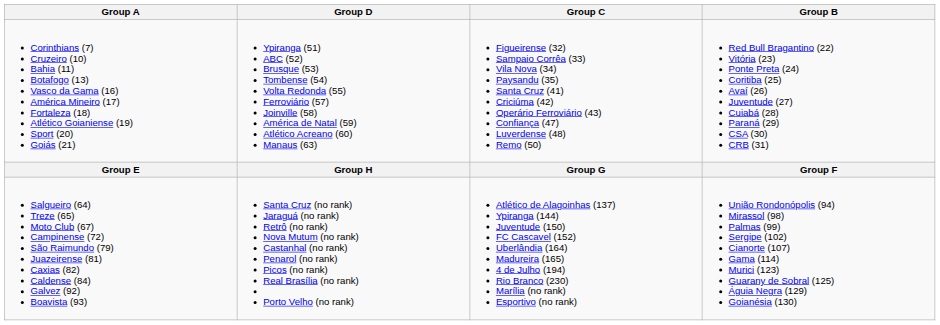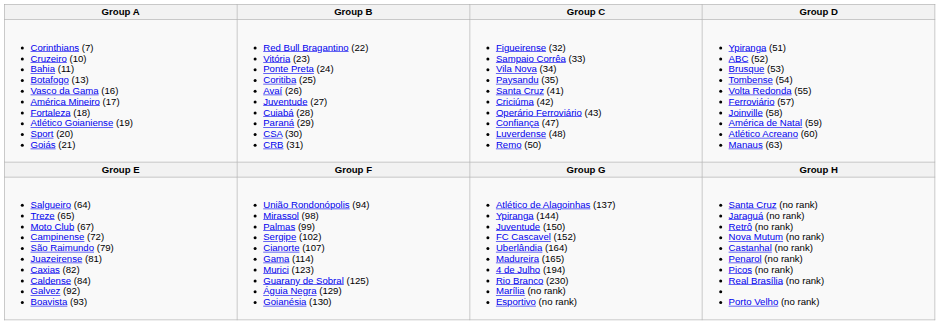 <table class="wikitable" width=98%>
 <tr>
 <th width=25%>Group A</th>
+<th width=25%>Group B</th>
+<th width=25%>Group C</th>
 <th width=25%>Group D</th>
-<th width=25%>Group C</th>
-<th width=25%>Group B</th>
 </tr>
 <tr>
 <td><br><ul><li> <a href='#'>Corinthians</a> (7)</li><li> <a href='#'>Cruzeiro</a> (10)</li><li> <a href='#'>Bahia</a> (11)</li><li> <a href='#'>Botafogo</a> (13)</li><li> <a href='#'>Vasco da Gama</a> (16)</li><li> <a href='#'>América Mineiro</a> (17)</li><li> <a href='#'>Fortaleza</a> (18)</li><li> <a href='#'>Atlético Goianiense</a> (19)</li><li> <a href='#'>Sport</a> (20)</li><li> <a href='#'>Goiás</a> (21)</li></ul></td>
+<td><br><ul><li> <a href='#'>Red Bull Bragantino</a> (22)</li><li> <a href='#'>Vitória</a> (23)</li><li> <a href='#'>Ponte Preta</a> (24)</li><li> <a href='#'>Coritiba</a> (25)</li><li> <a href='#'>Avaí</a> (26)</li><li> <a href='#'>Juventude</a> (27)</li><li> <a href='#'>Cuiabá</a> (28)</li><li> <a href='#'>Paraná</a> (29)</li><li> <a href='#'>CSA</a> (30)</li><li> <a href='#'>CRB</a> (31)</li></ul></td>
+<td><br><ul><li> <a href='#'>Figueirense</a> (32)</li><li> <a href='#'>Sampaio Corrêa</a> (33)</li><li> <a href='#'>Vila Nova</a> (34)</li><li> <a href='#'>Paysandu</a> (35)</li><li> <a href='#'>Santa Cruz</a> (41)</li><li> <a href='#'>Criciúma</a> (42)</li><li> <a href='#'>Operário Ferroviário</a> (43)</li><li> <a href='#'>Confiança</a> (47)</li><li> <a href='#'>Luverdense</a> (48)</li><li> <a href='#'>Remo</a> (50)</li></ul></td>
 <td><br><ul><li> <a href='#'>Ypiranga</a> (51)</li><li> <a href='#'>ABC</a> (52)</li><li> <a href='#'>Brusque</a> (53)</li><li> <a href='#'>Tombense</a> (54)</li><li> <a href='#'>Volta Redonda</a> (55)</li><li> <a href='#'>Ferroviário</a> (57)</li><li> <a href='#'>Joinville</a> (58)</li><li> <a href='#'>América de Natal</a> (59)</li><li> <a href='#'>Atlético Acreano</a> (60)</li><li> <a href='#'>Manaus</a> (63)</li></ul></td>
-<td><br><ul><li> <a href='#'>Figueirense</a> (32)</li><li> <a href='#'>Sampaio Corrêa</a> (33)</li><li> <a href='#'>Vila Nova</a> (34)</li><li> <a href='#'>Paysandu</a> (35)</li><li> <a href='#'>Santa Cruz</a> (41)</li><li> <a href='#'>Criciúma</a> (42)</li><li> <a href='#'>Operário Ferroviário</a> (43)</li><li> <a href='#'>Confiança</a> (47)</li><li> <a href='#'>Luverdense</a> (48)</li><li> <a href='#'>Remo</a> (50)</li></ul></td>
-<td><br><ul><li> <a href='#'>Red Bull Bragantino</a> (22)</li><li> <a href='#'>Vitória</a> (23)</li><li> <a href='#'>Ponte Preta</a> (24)</li><li> <a href='#'>Coritiba</a> (25)</li><li> <a href='#'>Avaí</a> (26)</li><li> <a href='#'>Juventude</a> (27)</li><li> <a href='#'>Cuiabá</a> (28)</li><li> <a href='#'>Paraná</a> (29)</li><li> <a href='#'>CSA</a> (30)</li><li> <a href='#'>CRB</a> (31)</li></ul></td>
 </tr>
 <tr>
 <th width=25%>Group E</th>
+<th width=25%>Group F</th>
+<th width=25%>Group G</th>
 <th width=25%>Group H</th>
-<th width=25%>Group G</th>
-<th width=25%>Group F</th>
 </tr>
 <tr>
 <td><br><ul><li> <a href='#'>Salgueiro</a> (64)</li><li> <a href='#'>Treze</a> (65)</li><li> <a href='#'>Moto Club</a> (67)</li><li> <a href='#'>Campinense</a> (72)</li><li> <a href='#'>São Raimundo</a> (79)</li><li> <a href='#'>Juazeirense</a> (81)</li><li> <a href='#'>Caxias</a> (82)</li><li> <a href='#'>Caldense</a> (84)</li><li> <a href='#'>Galvez</a> (92)</li><li> <a href='#'>Boavista</a> (93)</li></ul></td>
+<td><br><ul><li> <a href='#'>União Rondonópolis</a> (94)</li><li> <a href='#'>Mirassol</a> (98)</li><li> <a href='#'>Palmas</a> (99)</li><li> <a href='#'>Sergipe</a> (102)</li><li> <a href='#'>Cianorte</a> (107)</li><li> <a href='#'>Gama</a> (114)</li><li> <a href='#'>Murici</a> (123)</li><li> <a href='#'>Guarany de Sobral</a> (125)</li><li> <a href='#'>Águia Negra</a> (129)</li><li> <a href='#'>Goianésia</a> (130)</li></ul></td>
+<td><br><ul><li> <a href='#'>Atlético de Alagoinhas</a> (137)</li><li> <a href='#'>Ypiranga</a> (144)</li><li> <a href='#'>Juventude</a> (150)</li><li> <a href='#'>FC Cascavel</a> (152)</li><li> <a href='#'>Uberlândia</a> (164)</li><li> <a href='#'>Madureira</a> (165)</li><li> <a href='#'>4 de Julho</a> (194)</li><li> <a href='#'>Rio Branco</a> (230)</li><li> <a href='#'>Marília</a> (no rank)</li><li> <a href='#'>Esportivo</a> (no rank)</li></ul></td>
 <td><br><ul><li> <a href='#'>Santa Cruz</a> (no rank)</li><li> <a href='#'>Jaraguá</a> (no rank)</li><li> <a href='#'>Retrô</a> (no rank)</li><li> <a href='#'>Nova Mutum</a> (no rank)</li><li> <a href='#'>Castanhal</a> (no rank)</li><li> <a href='#'>Penarol</a> (no rank)</li><li> <a href='#'>Picos</a> (no rank)</li><li> <a href='#'>Real Brasília</a> (no rank)</li><li></li><li> <a href='#'>Porto Velho</a> (no rank)</li></ul></td>
-<td><br><ul><li> <a href='#'>Atlético de Alagoinhas</a> (137)</li><li> <a href='#'>Ypiranga</a> (144)</li><li> <a href='#'>Juventude</a> (150)</li><li> <a href='#'>FC Cascavel</a> (152)</li><li> <a href='#'>Uberlândia</a> (164)</li><li> <a href='#'>Madureira</a> (165)</li><li> <a href='#'>4 de Julho</a> (194)</li><li> <a href='#'>Rio Branco</a> (230)</li><li> <a href='#'>Marília</a> (no rank)</li><li> <a href='#'>Esportivo</a> (no rank)</li></ul></td>
-<td><br><ul><li> <a href='#'>União Rondonópolis</a> (94)</li><li> <a href='#'>Mirassol</a> (98)</li><li> <a href='#'>Palmas</a> (99)</li><li> <a href='#'>Sergipe</a> (102)</li><li> <a href='#'>Cianorte</a> (107)</li><li> <a href='#'>Gama</a> (114)</li><li> <a href='#'>Murici</a> (123)</li><li> <a href='#'>Guarany de Sobral</a> (125)</li><li> <a href='#'>Águia Negra</a> (129)</li><li> <a href='#'>Goianésia</a> (130)</li></ul></td>
 </tr>
 </table>
